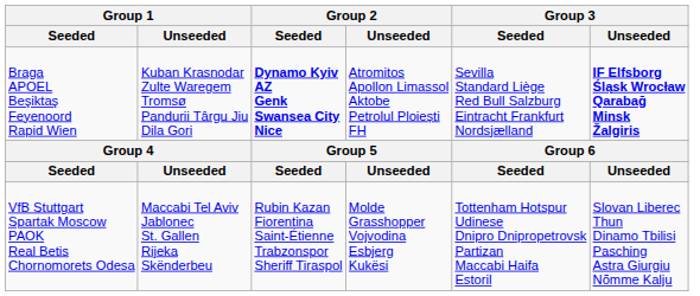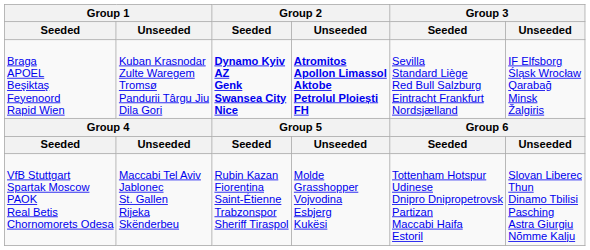 <table class="wikitable" style="font-size:85%">
 <tr>
 <th colspan=2>Group 1</th>
 <th colspan=2>Group 2</th>
 <th colspan=2>Group 3</th>
 </tr>
 <tr>
 <th>Seeded</th>
 <th>Unseeded</th>
 <th>Seeded</th>
 <th>Unseeded</th>
 <th>Seeded</th>
 <th>Unseeded</th>
 </tr>
 <tr>
 <td valign=top><br> <a href='#'>Braga</a><br>  <a href='#'>APOEL</a><br>  <a href='#'>Beşiktaş</a><br>  <a href='#'>Feyenoord</a><br>  <a href='#'>Rapid Wien</a></td>
 <td valign=top><br> <a href='#'>Kuban Krasnodar</a><br>  <a href='#'>Zulte Waregem</a><br>  <a href='#'>Tromsø</a><br>  <a href='#'>Pandurii Târgu Jiu</a><br>  <a href='#'>Dila Gori</a></td>
 <td valign=top><strong><br> <a href='#'>Dynamo Kyiv</a><br>  <a href='#'>AZ</a><br>  <a href='#'>Genk</a><br>  <a href='#'>Swansea City</a><br>  <a href='#'>Nice</a></strong></td>
-<td valign=top><br> <a href='#'>Atromitos</a><br>  <a href='#'>Apollon Limassol</a><br>  <a href='#'>Aktobe</a><br>  <a href='#'>Petrolul Ploiești</a><br>  <a href='#'>FH</a></td>
+<td valign=top><strong><br> <a href='#'>Atromitos</a><br>  <a href='#'>Apollon Limassol</a><br>  <a href='#'>Aktobe</a><br>  <a href='#'>Petrolul Ploiești</a><br>  <a href='#'>FH</a></strong></td>
 <td valign=top><br> <a href='#'>Sevilla</a><br>  <a href='#'>Standard Liège</a><br>  <a href='#'>Red Bull Salzburg</a><br>  <a href='#'>Eintracht Frankfurt</a><br>  <a href='#'>Nordsjælland</a></td>
-<td valign=top><strong><br> <a href='#'>IF Elfsborg</a><br>  <a href='#'>Śląsk Wrocław</a><br>  <a href='#'>Qarabağ</a><br>  <a href='#'>Minsk</a><br>  <a href='#'>Žalgiris</a></strong></td>
+<td valign=top><br> <a href='#'>IF Elfsborg</a><br>  <a href='#'>Śląsk Wrocław</a><br>  <a href='#'>Qarabağ</a><br>  <a href='#'>Minsk</a><br>  <a href='#'>Žalgiris</a></td>
 </tr>
 <tr>
 <th colspan=2>Group 4</th>
 <th colspan=2>Group 5</th>
 <th colspan=2>Group 6</th>
 </tr>
 <tr>
 <th>Seeded</th>
 <th>Unseeded</th>
 <th>Seeded</th>
 <th>Unseeded</th>
 <th>Seeded</th>
 <th>Unseeded</th>
 </tr>
 <tr>
 <td valign=top><br> <a href='#'>VfB Stuttgart</a><br>  <a href='#'>Spartak Moscow</a><br>  <a href='#'>PAOK</a><br>  <a href='#'>Real Betis</a><br>  <a href='#'>Chornomorets Odesa</a></td>
 <td valign=top><br> <a href='#'>Maccabi Tel Aviv</a><br>  <a href='#'>Jablonec</a><br>  <a href='#'>St. Gallen</a><br>  <a href='#'>Rijeka</a><br>  <a href='#'>Skënderbeu</a></td>
 <td valign=top><br> <a href='#'>Rubin Kazan</a><br>  <a href='#'>Fiorentina</a><br>  <a href='#'>Saint-Étienne</a><br>  <a href='#'>Trabzonspor</a><br>  <a href='#'>Sheriff Tiraspol</a></td>
 <td valign=top><br> <a href='#'>Molde</a><br>  <a href='#'>Grasshopper</a><br>  <a href='#'>Vojvodina</a><br>  <a href='#'>Esbjerg</a><br>  <a href='#'>Kukësi</a></td>
 <td valign=top><br> <a href='#'>Tottenham Hotspur</a><br>  <a href='#'>Udinese</a><br>  <a href='#'>Dnipro Dnipropetrovsk</a><br>  <a href='#'>Partizan</a><br>  <a href='#'>Maccabi Haifa</a><br>  <a href='#'>Estoril</a></td>
 <td valign=top><br> <a href='#'>Slovan Liberec</a><br>  <a href='#'>Thun</a><br>  <a href='#'>Dinamo Tbilisi</a><br>  <a href='#'>Pasching</a><br>  <a href='#'>Astra Giurgiu</a><br>  <a href='#'>Nõmme Kalju</a></td>
 </tr>
 </table>
